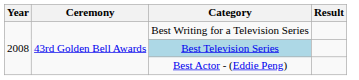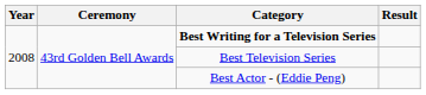 <table class="wikitable sortable">
 <tr>
 <th>Year</th>
 <th>Ceremony</th>
 <th>Category</th>
 <th>Result</th>
 </tr>
 <tr>
 <td align="center" rowspan=3>2008</td>
 <td align="center" rowspan=3><a href='#'>43rd Golden Bell Awards</a></td>
-<td align="center">Best Writing for a Television Series</td>
+<td align="center"><strong>Best Writing for a Television Series</strong></td>
 <td></td>
 </tr>
 <tr>
-<td align="center" style="background: lightblue;"><a href='#'>Best Television Series</a></td>
+<td align="center"><a href='#'>Best Television Series</a></td>
 <td></td>
 </tr>
 <tr>
 <td align="center"><a href='#'>Best Actor</a> - (<a href='#'>Eddie Peng</a>)</td>
 <td></td>
 </tr>
 </table>
